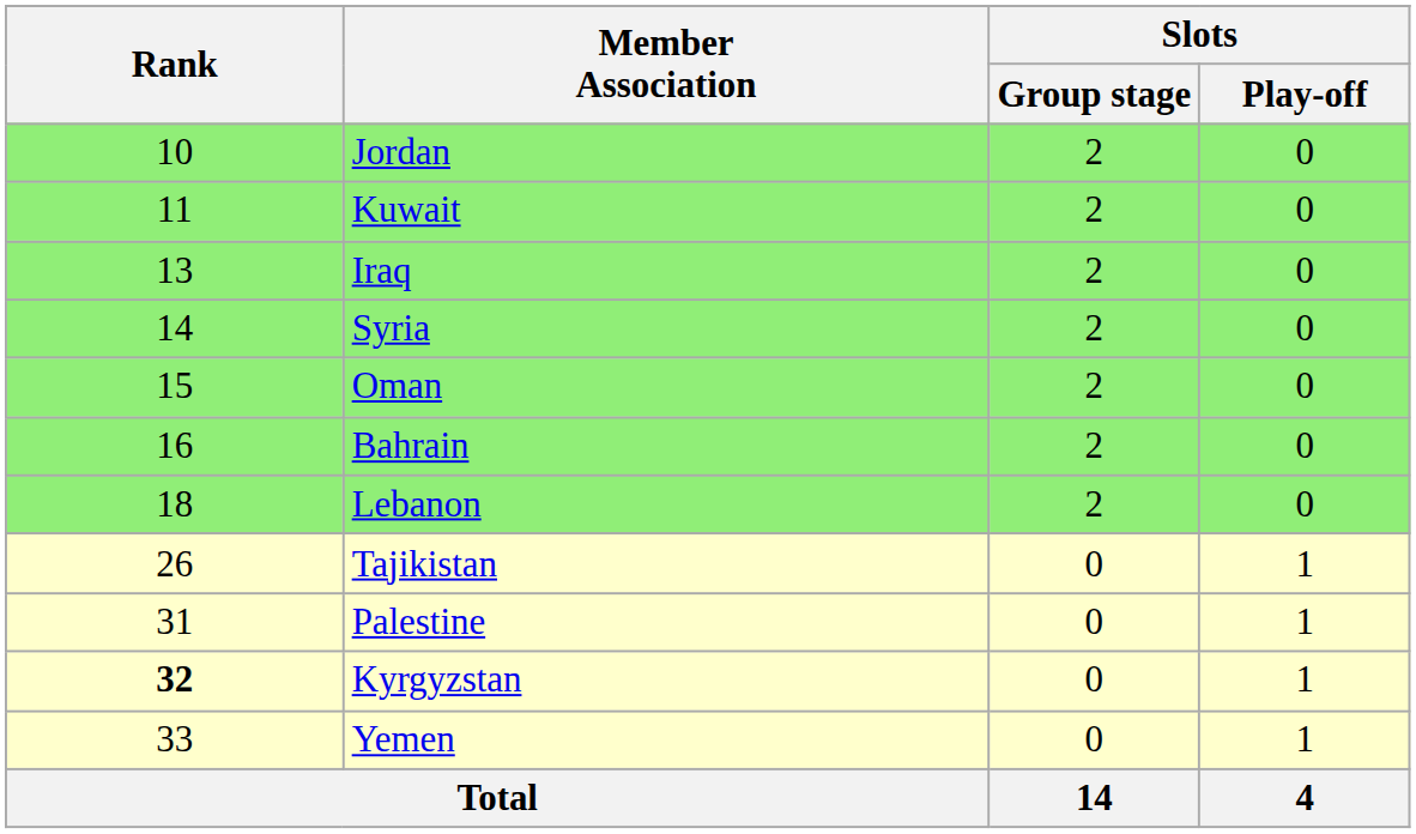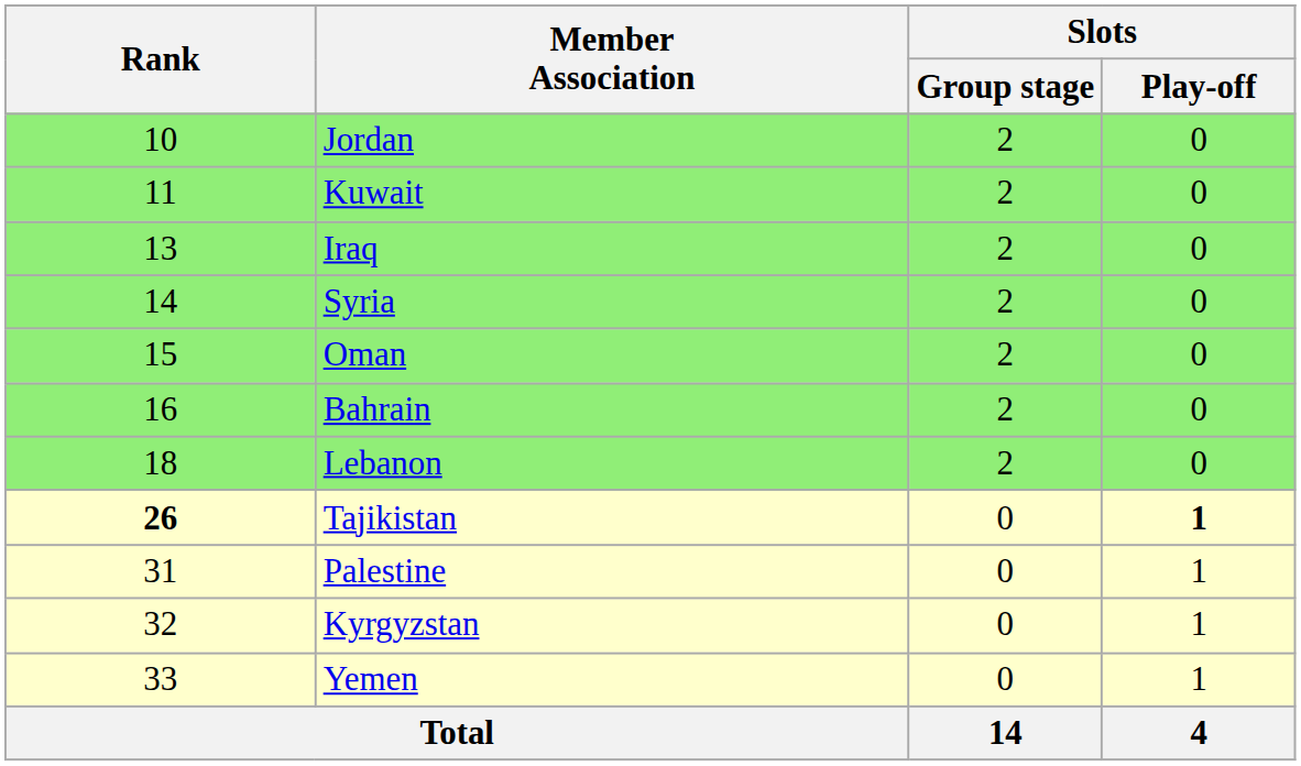 <table class="wikitable" style="text-align:center">
 <tr>
 </tr>
 <tr>
 <th rowspan=2>Rank</th>
 <th rowspan=2>Member<br>Association</th>
 <th colspan=2>Slots</th>
 </tr>
 <tr>
 <th width=15%>Group stage</th>
 <th width=15%>Play-off</th>
 </tr>
 <tr bgcolor=#90EE77>
 <td>10</td>
 <td align=left> <a href='#'>Jordan</a></td>
 <td>2</td>
 <td>0</td>
 </tr>
 <tr bgcolor=#90EE77>
 <td>11</td>
 <td align=left> <a href='#'>Kuwait</a></td>
 <td>2</td>
 <td>0</td>
 </tr>
 <tr bgcolor=#90EE77>
 <td>13</td>
 <td align=left> <a href='#'>Iraq</a></td>
 <td>2</td>
 <td>0</td>
 </tr>
 <tr bgcolor=#90EE77>
 <td>14</td>
 <td align=left> <a href='#'>Syria</a></td>
 <td>2</td>
 <td>0</td>
 </tr>
 <tr bgcolor=#90EE77>
 <td>15</td>
 <td align=left> <a href='#'>Oman</a></td>
 <td>2</td>
 <td>0</td>
 </tr>
 <tr bgcolor=#90EE77>
 <td>16</td>
 <td align=left> <a href='#'>Bahrain</a></td>
 <td>2</td>
 <td>0</td>
 </tr>
 <tr bgcolor=#90EE77>
 <td>18</td>
 <td align=left> <a href='#'>Lebanon</a></td>
 <td>2</td>
 <td>0</td>
 </tr>
 <tr bgcolor=#ffffcc>
-<td>26</td>
+<td><strong>26</strong></td>
 <td align=left> <a href='#'>Tajikistan</a></td>
 <td>0</td>
-<td>1</td>
+<td><strong>1</strong></td>
 </tr>
 <tr bgcolor=#ffffcc>
 <td>31</td>
 <td align=left> <a href='#'>Palestine</a></td>
 <td>0</td>
 <td>1</td>
 </tr>
 <tr bgcolor=#ffffcc>
-<td><strong>32</strong></td>
+<td>32</td>
 <td align=left> <a href='#'>Kyrgyzstan</a></td>
 <td>0</td>
 <td>1</td>
 </tr>
 <tr bgcolor=#ffffcc>
 <td>33</td>
 <td align=left> <a href='#'>Yemen</a></td>
 <td>0</td>
 <td>1</td>
 </tr>
 <tr>
 <th colspan=2>Total</th>
 <th>14</th>
 <th>4</th>
 </tr>
 </table>
